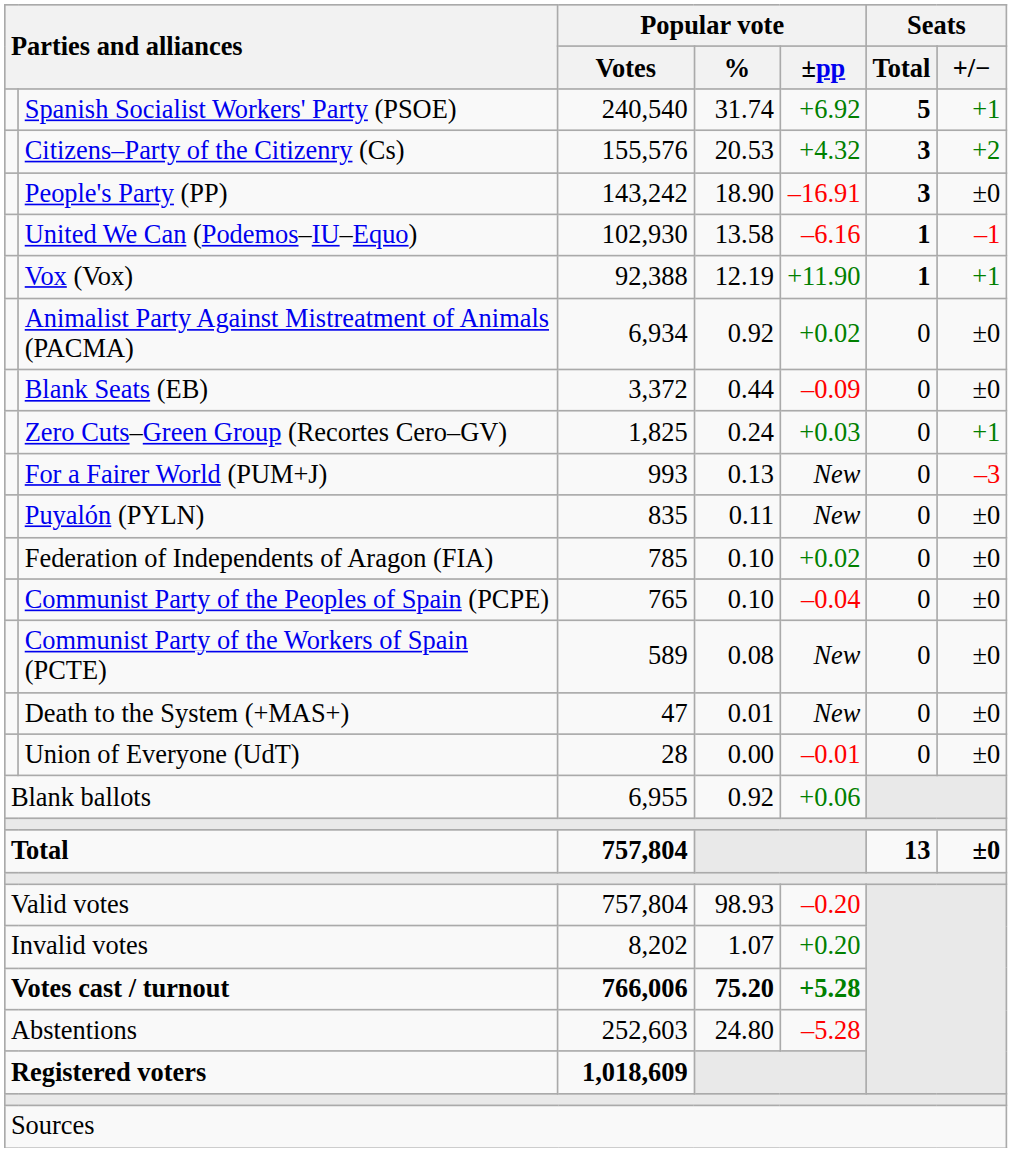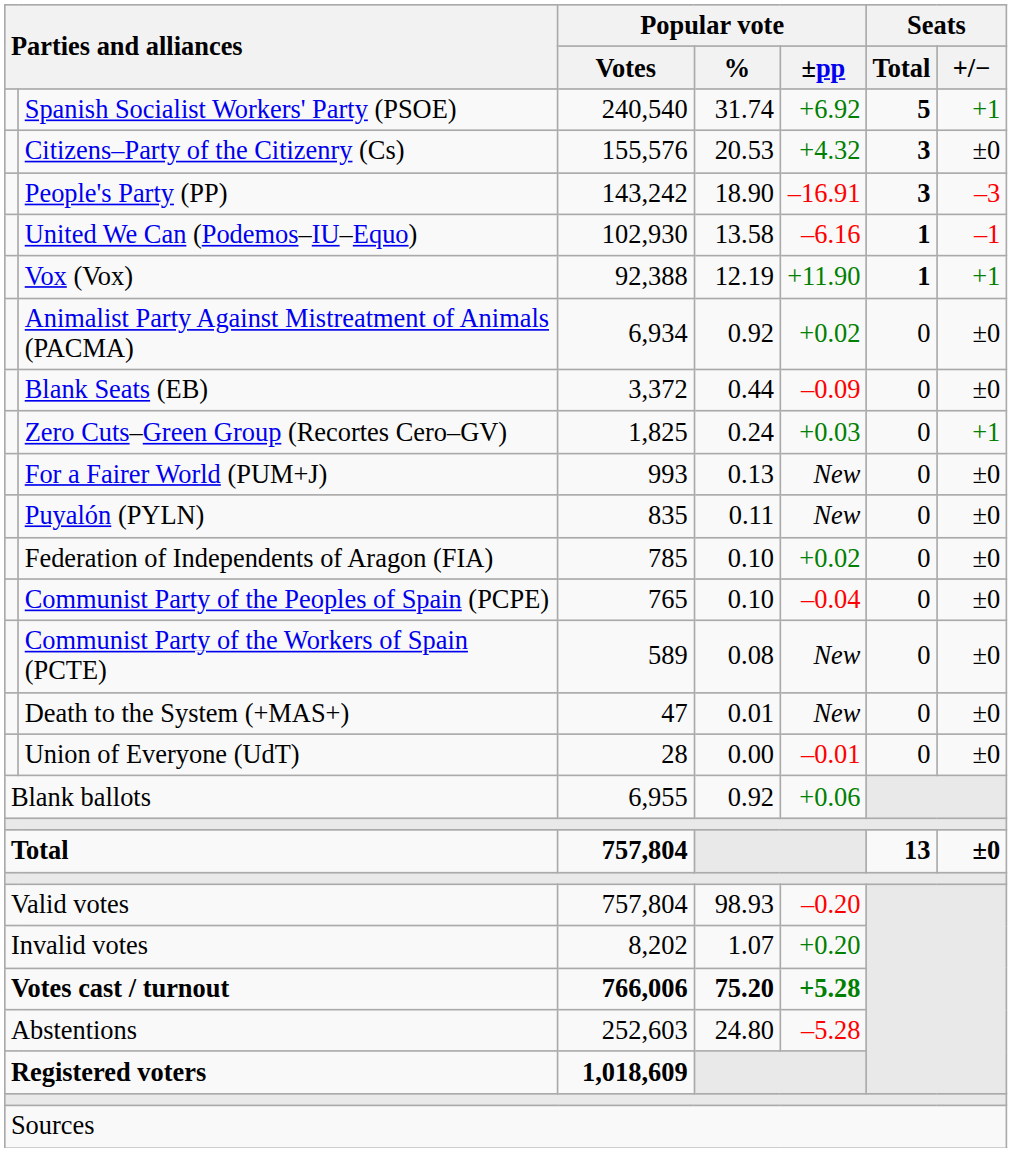 <table class="wikitable" style="text-align:right;">
 <tr>
 <th style="text-align:left;" rowspan="2" colspan="2" width="525">Parties and alliances</th>
 <th colspan="3">Popular vote</th>
 <th colspan="2">Seats</th>
 </tr>
 <tr>
 <th width="75">Votes</th>
 <th width="45">%</th>
 <th width="45">±<a href='#'>pp</a></th>
 <th width="35">Total</th>
 <th width="35">+/−</th>
 </tr>
 <tr>
 <td width="1" style="color:inherit;background:"></td>
 <td align="left"><a href='#'>Spanish Socialist Workers' Party</a> (PSOE)</td>
 <td>240,540</td>
 <td>31.74</td>
 <td style="color:green;">+6.92</td>
 <td><strong>5</strong></td>
 <td style="color:green;">+1</td>
 </tr>
 <tr>
 <td style="color:inherit;background:"></td>
 <td align="left"><a href='#'>Citizens–Party of the Citizenry</a> (Cs)</td>
 <td>155,576</td>
 <td>20.53</td>
 <td style="color:green;">+4.32</td>
 <td><strong>3</strong></td>
-<td style="color:green;">+2</td>
+<td>±0</td>
 </tr>
 <tr>
 <td style="color:inherit;background:"></td>
 <td align="left"><a href='#'>People's Party</a> (PP)</td>
 <td>143,242</td>
 <td>18.90</td>
 <td style="color:red;">–16.91</td>
 <td><strong>3</strong></td>
-<td>±0</td>
+<td style="color:red;">–3</td>
 </tr>
 <tr>
 <td style="color:inherit;background:"></td>
 <td align="left"><a href='#'>United We Can</a> (<a href='#'>Podemos</a>–<a href='#'>IU</a>–<a href='#'>Equo</a>)</td>
 <td>102,930</td>
 <td>13.58</td>
 <td style="color:red;">–6.16</td>
 <td><strong>1</strong></td>
 <td style="color:red;">–1</td>
 </tr>
 <tr>
 <td style="color:inherit;background:"></td>
 <td align="left"><a href='#'>Vox</a> (Vox)</td>
 <td>92,388</td>
 <td>12.19</td>
 <td style="color:green;">+11.90</td>
 <td><strong>1</strong></td>
 <td style="color:green;">+1</td>
 </tr>
 <tr>
 <td style="color:inherit;background:"></td>
 <td align="left"><a href='#'>Animalist Party Against Mistreatment of Animals</a> (PACMA)</td>
 <td>6,934</td>
 <td>0.92</td>
 <td style="color:green;">+0.02</td>
 <td>0</td>
 <td>±0</td>
 </tr>
 <tr>
 <td style="color:inherit;background:"></td>
 <td align="left"><a href='#'>Blank Seats</a> (EB)</td>
 <td>3,372</td>
 <td>0.44</td>
 <td style="color:red;">–0.09</td>
 <td>0</td>
 <td>±0</td>
 </tr>
 <tr>
 <td style="color:inherit;background:"></td>
 <td align="left"><a href='#'>Zero Cuts</a>–<a href='#'>Green Group</a> (Recortes Cero–GV)</td>
 <td>1,825</td>
 <td>0.24</td>
 <td style="color:green;">+0.03</td>
 <td>0</td>
 <td style="color:green;">+1</td>
 </tr>
 <tr>
 <td style="color:inherit;background:"></td>
 <td align="left"><a href='#'>For a Fairer World</a> (PUM+J)</td>
 <td>993</td>
 <td>0.13</td>
 <td><em>New</em></td>
 <td>0</td>
-<td style="color:red;">–3</td>
+<td>±0</td>
 </tr>
 <tr>
 <td style="color:inherit;background:"></td>
 <td align="left"><a href='#'>Puyalón</a> (PYLN)</td>
 <td>835</td>
 <td>0.11</td>
 <td><em>New</em></td>
 <td>0</td>
 <td>±0</td>
 </tr>
 <tr>
 <td style="color:inherit;background:"></td>
 <td align="left">Federation of Independents of Aragon (FIA)</td>
 <td>785</td>
 <td>0.10</td>
 <td style="color:green;">+0.02</td>
 <td>0</td>
 <td>±0</td>
 </tr>
 <tr>
 <td style="color:inherit;background:"></td>
 <td align="left"><a href='#'>Communist Party of the Peoples of Spain</a> (PCPE)</td>
 <td>765</td>
 <td>0.10</td>
 <td style="color:red;">–0.04</td>
 <td>0</td>
 <td>±0</td>
 </tr>
 <tr>
 <td style="color:inherit;background:"></td>
 <td align="left"><a href='#'>Communist Party of the Workers of Spain</a> (PCTE)</td>
 <td>589</td>
 <td>0.08</td>
 <td><em>New</em></td>
 <td>0</td>
 <td>±0</td>
 </tr>
 <tr>
 <td style="color:inherit;background:"></td>
 <td align="left">Death to the System (+MAS+)</td>
 <td>47</td>
 <td>0.01</td>
 <td><em>New</em></td>
 <td>0</td>
 <td>±0</td>
 </tr>
 <tr>
 <td style="color:inherit;background:"></td>
 <td align="left">Union of Everyone (UdT)</td>
 <td>28</td>
 <td>0.00</td>
 <td style="color:red;">–0.01</td>
 <td>0</td>
 <td>±0</td>
 </tr>
 <tr>
 <td align="left" colspan="2">Blank ballots</td>
 <td>6,955</td>
 <td>0.92</td>
 <td style="color:green;">+0.06</td>
 <td bgcolor="#E9E9E9" colspan="2"></td>
 </tr>
 <tr>
 <td colspan="7" bgcolor="#E9E9E9"></td>
 </tr>
 <tr style="font-weight:bold;">
 <td align="left" colspan="2">Total</td>
 <td>757,804</td>
 <td bgcolor="#E9E9E9" colspan="2"></td>
 <td>13</td>
 <td>±0</td>
 </tr>
 <tr>
 <td colspan="7" bgcolor="#E9E9E9"></td>
 </tr>
 <tr>
 <td align="left" colspan="2">Valid votes</td>
 <td>757,804</td>
 <td>98.93</td>
 <td style="color:red;">–0.20</td>
 <td bgcolor="#E9E9E9" colspan="2" rowspan="5"></td>
 </tr>
 <tr>
 <td align="left" colspan="2">Invalid votes</td>
 <td>8,202</td>
 <td>1.07</td>
 <td style="color:green;">+0.20</td>
 </tr>
 <tr style="font-weight:bold;">
 <td align="left" colspan="2">Votes cast / turnout</td>
 <td>766,006</td>
 <td>75.20</td>
 <td style="color:green;">+5.28</td>
 </tr>
 <tr>
 <td align="left" colspan="2">Abstentions</td>
 <td>252,603</td>
 <td>24.80</td>
 <td style="color:red;">–5.28</td>
 </tr>
 <tr style="font-weight:bold;">
 <td align="left" colspan="2">Registered voters</td>
 <td>1,018,609</td>
 <td bgcolor="#E9E9E9" colspan="2"></td>
 </tr>
 <tr>
 <td colspan="7" bgcolor="#E9E9E9"></td>
 </tr>
 <tr>
 <td align="left" colspan="7">Sources</td>
 </tr>
 </table>
